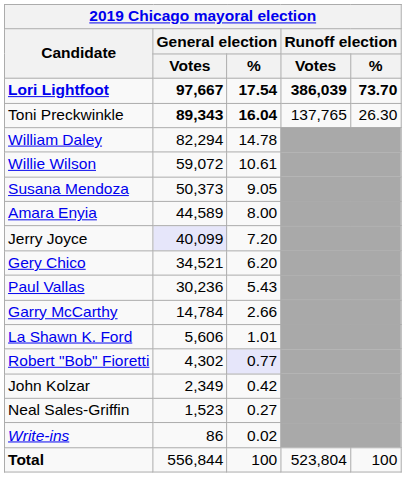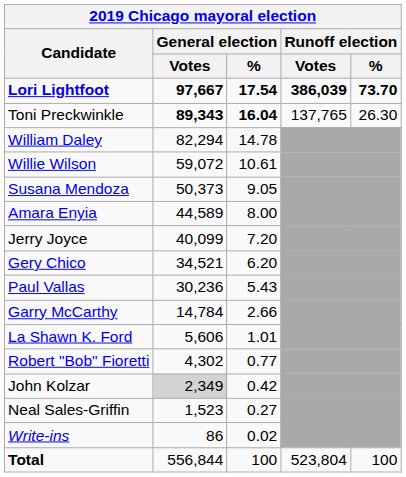 <table class=wikitable>
 <tr>
 <th colspan=5><a href='#'>2019 Chicago mayoral election</a></th>
 </tr>
 <tr>
 <th colspan=1 rowspan=2>Candidate</th>
 <th colspan=2><strong>General election</strong></th>
 <th colspan=2><strong>Runoff election</strong></th>
 </tr>
 <tr>
 <th>Votes</th>
 <th>%</th>
 <th>Votes</th>
 <th>%</th>
 </tr>
 <tr>
 <td><strong><a href='#'>Lori Lightfoot</a></strong></td>
 <td align="right"><strong>97,667</strong></td>
 <td align="right"><strong>17.54</strong></td>
 <td align="right"><strong>386,039</strong></td>
 <td align="right"><strong>73.70</strong></td>
 </tr>
 <tr>
 <td>Toni Preckwinkle</td>
 <td align="right"><strong>89,343</strong></td>
 <td align="right"><strong>16.04</strong></td>
 <td align="right">137,765</td>
 <td align="right">26.30</td>
 </tr>
 <tr>
 <td><a href='#'>William Daley</a></td>
 <td align="right">82,294</td>
 <td align="right">14.78</td>
 <td colspan=2 bgcolor=darkgray></td>
 </tr>
 <tr>
 <td><a href='#'>Willie Wilson</a></td>
 <td align="right">59,072</td>
 <td align="right">10.61</td>
 <td colspan=2 bgcolor=darkgray></td>
 </tr>
 <tr>
 <td><a href='#'>Susana Mendoza</a></td>
 <td align="right">50,373</td>
 <td align="right">9.05</td>
 <td colspan=2 bgcolor=darkgray></td>
 </tr>
 <tr>
 <td><a href='#'>Amara Enyia</a></td>
 <td align="right">44,589</td>
 <td align="right">8.00</td>
 <td colspan=2 bgcolor=darkgray></td>
 </tr>
 <tr>
 <td>Jerry Joyce</td>
-<td align="right" style="background: lavender;">40,099</td>
+<td align="right">40,099</td>
 <td align="right">7.20</td>
 <td colspan=2 bgcolor=darkgray></td>
 </tr>
 <tr>
 <td><a href='#'>Gery Chico</a></td>
 <td align="right">34,521</td>
 <td align="right">6.20</td>
 <td colspan=2 bgcolor=darkgray></td>
 </tr>
 <tr>
 <td><a href='#'>Paul Vallas</a></td>
 <td align="right">30,236</td>
 <td align="right">5.43</td>
 <td colspan=2 bgcolor=darkgray></td>
 </tr>
 <tr>
 <td><a href='#'>Garry McCarthy</a></td>
 <td align="right">14,784</td>
 <td align="right">2.66</td>
 <td colspan=2 bgcolor=darkgray></td>
 </tr>
 <tr>
 <td><a href='#'>La Shawn K. Ford</a></td>
 <td align="right">5,606</td>
 <td align="right">1.01</td>
 <td colspan=2 bgcolor=darkgray></td>
 </tr>
 <tr>
 <td><a href='#'>Robert "Bob" Fioretti</a></td>
 <td align="right">4,302</td>
-<td align="right" style="background: lavender;">0.77</td>
+<td align="right">0.77</td>
 <td colspan=2 bgcolor=darkgray></td>
 </tr>
 <tr>
 <td>John Kolzar</td>
-<td align="right">2,349</td>
+<td align="right" style="background: lightgrey;">2,349</td>
 <td align="right">0.42</td>
 <td colspan=2 bgcolor=darkgray></td>
 </tr>
 <tr>
 <td>Neal Sales-Griffin</td>
 <td align="right">1,523</td>
 <td align="right">0.27</td>
 <td colspan=2 bgcolor=darkgray></td>
 </tr>
 <tr>
 <td><em><a href='#'>Write-ins</a></em></td>
 <td align="right">86</td>
 <td align="right">0.02</td>
 <td colspan=2 bgcolor=darkgray></td>
 </tr>
 <tr>
 <td><strong>Total</strong></td>
 <td align="right">556,844</td>
 <td align="right">100</td>
 <td align="right">523,804</td>
 <td align="right">100</td>
 </tr>
 </table>
